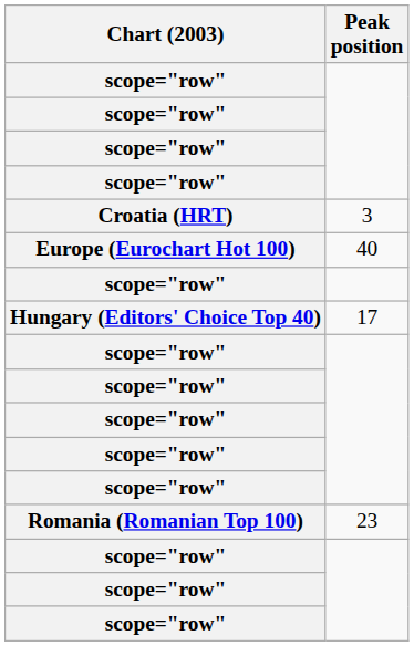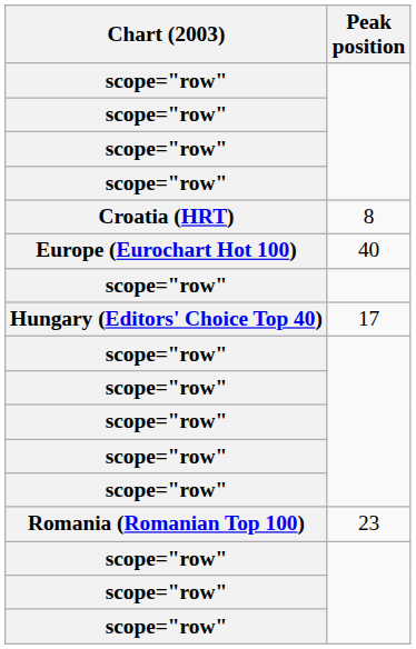 <table class="wikitable sortable plainrowheaders" style="text-align:center">
 <tr>
 <th scope="col">Chart (2003)</th>
 <th scope="col">Peak<br>position</th>
 </tr>
 <tr>
 <th>scope="row"</th>
 </tr>
 <tr>
 <th>scope="row"</th>
 </tr>
 <tr>
 <th>scope="row"</th>
 </tr>
 <tr>
 <th>scope="row"</th>
 </tr>
 <tr>
 <th scope=row>Croatia (<a href='#'>HRT</a>)</th>
-<td>3</td>
+<td>8</td>
 </tr>
 <tr>
 <th scope="row">Europe (<a href='#'>Eurochart Hot 100</a>)</th>
 <td>40</td>
 </tr>
 <tr>
 <th>scope="row"</th>
 </tr>
 <tr>
 <th scope="row">Hungary (<a href='#'>Editors' Choice Top 40</a>)</th>
 <td>17</td>
 </tr>
 <tr>
 <th>scope="row"</th>
 </tr>
 <tr>
 <th>scope="row"</th>
 </tr>
 <tr>
 <th>scope="row"</th>
 </tr>
 <tr>
 <th>scope="row"</th>
 </tr>
 <tr>
 <th>scope="row"</th>
 </tr>
 <tr>
 <th scope="row">Romania (<a href='#'>Romanian Top 100</a>)</th>
 <td>23</td>
 </tr>
 <tr>
 <th>scope="row"</th>
 </tr>
 <tr>
 <th>scope="row"</th>
 </tr>
 <tr>
 <th>scope="row"</th>
 </tr>
 </table>
